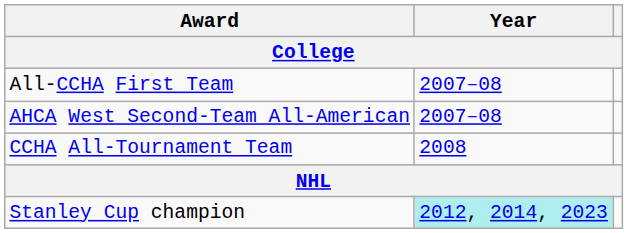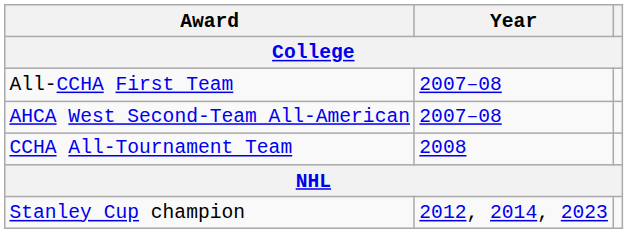 <table class="wikitable">
 <tr>
 <th>Award</th>
 <th>Year</th>
 <th></th>
 </tr>
 <tr>
 <th colspan="3"><a href='#'>College</a></th>
 </tr>
 <tr>
 <td>All-<a href='#'>CCHA</a> <a href='#'>First Team</a></td>
 <td><a href='#'>2007–08</a></td>
 <td></td>
 </tr>
 <tr>
 <td><a href='#'>AHCA</a> <a href='#'>West Second-Team All-American</a></td>
 <td><a href='#'>2007–08</a></td>
 <td></td>
 </tr>
 <tr>
 <td><a href='#'>CCHA</a> <a href='#'>All-Tournament Team</a></td>
 <td><a href='#'>2008</a></td>
 <td></td>
 </tr>
 <tr>
 <th colspan="3"><a href='#'>NHL</a></th>
 </tr>
 <tr>
 <td><a href='#'>Stanley Cup</a> champion</td>
-<td style="background: paleturquoise;"><a href='#'>2012</a>, <a href='#'>2014</a>, <a href='#'>2023</a></td>
+<td><a href='#'>2012</a>, <a href='#'>2014</a>, <a href='#'>2023</a></td>
 <td></td>
 </tr>
 </table>
